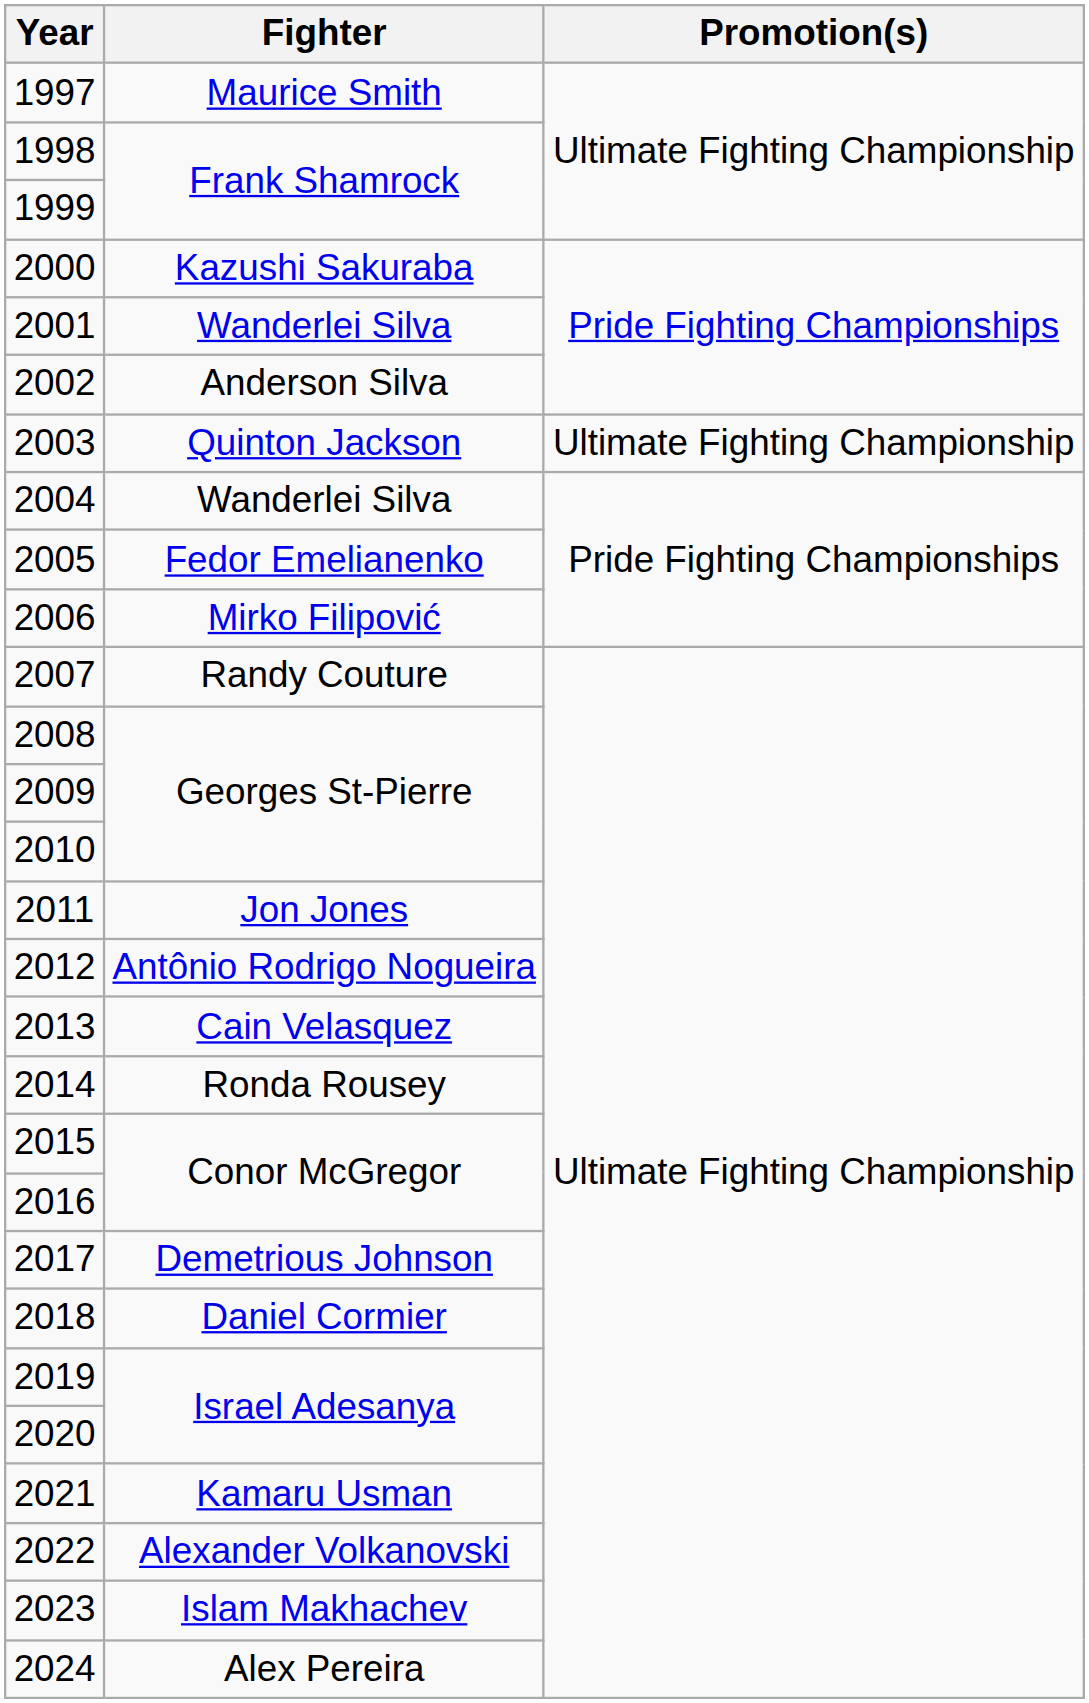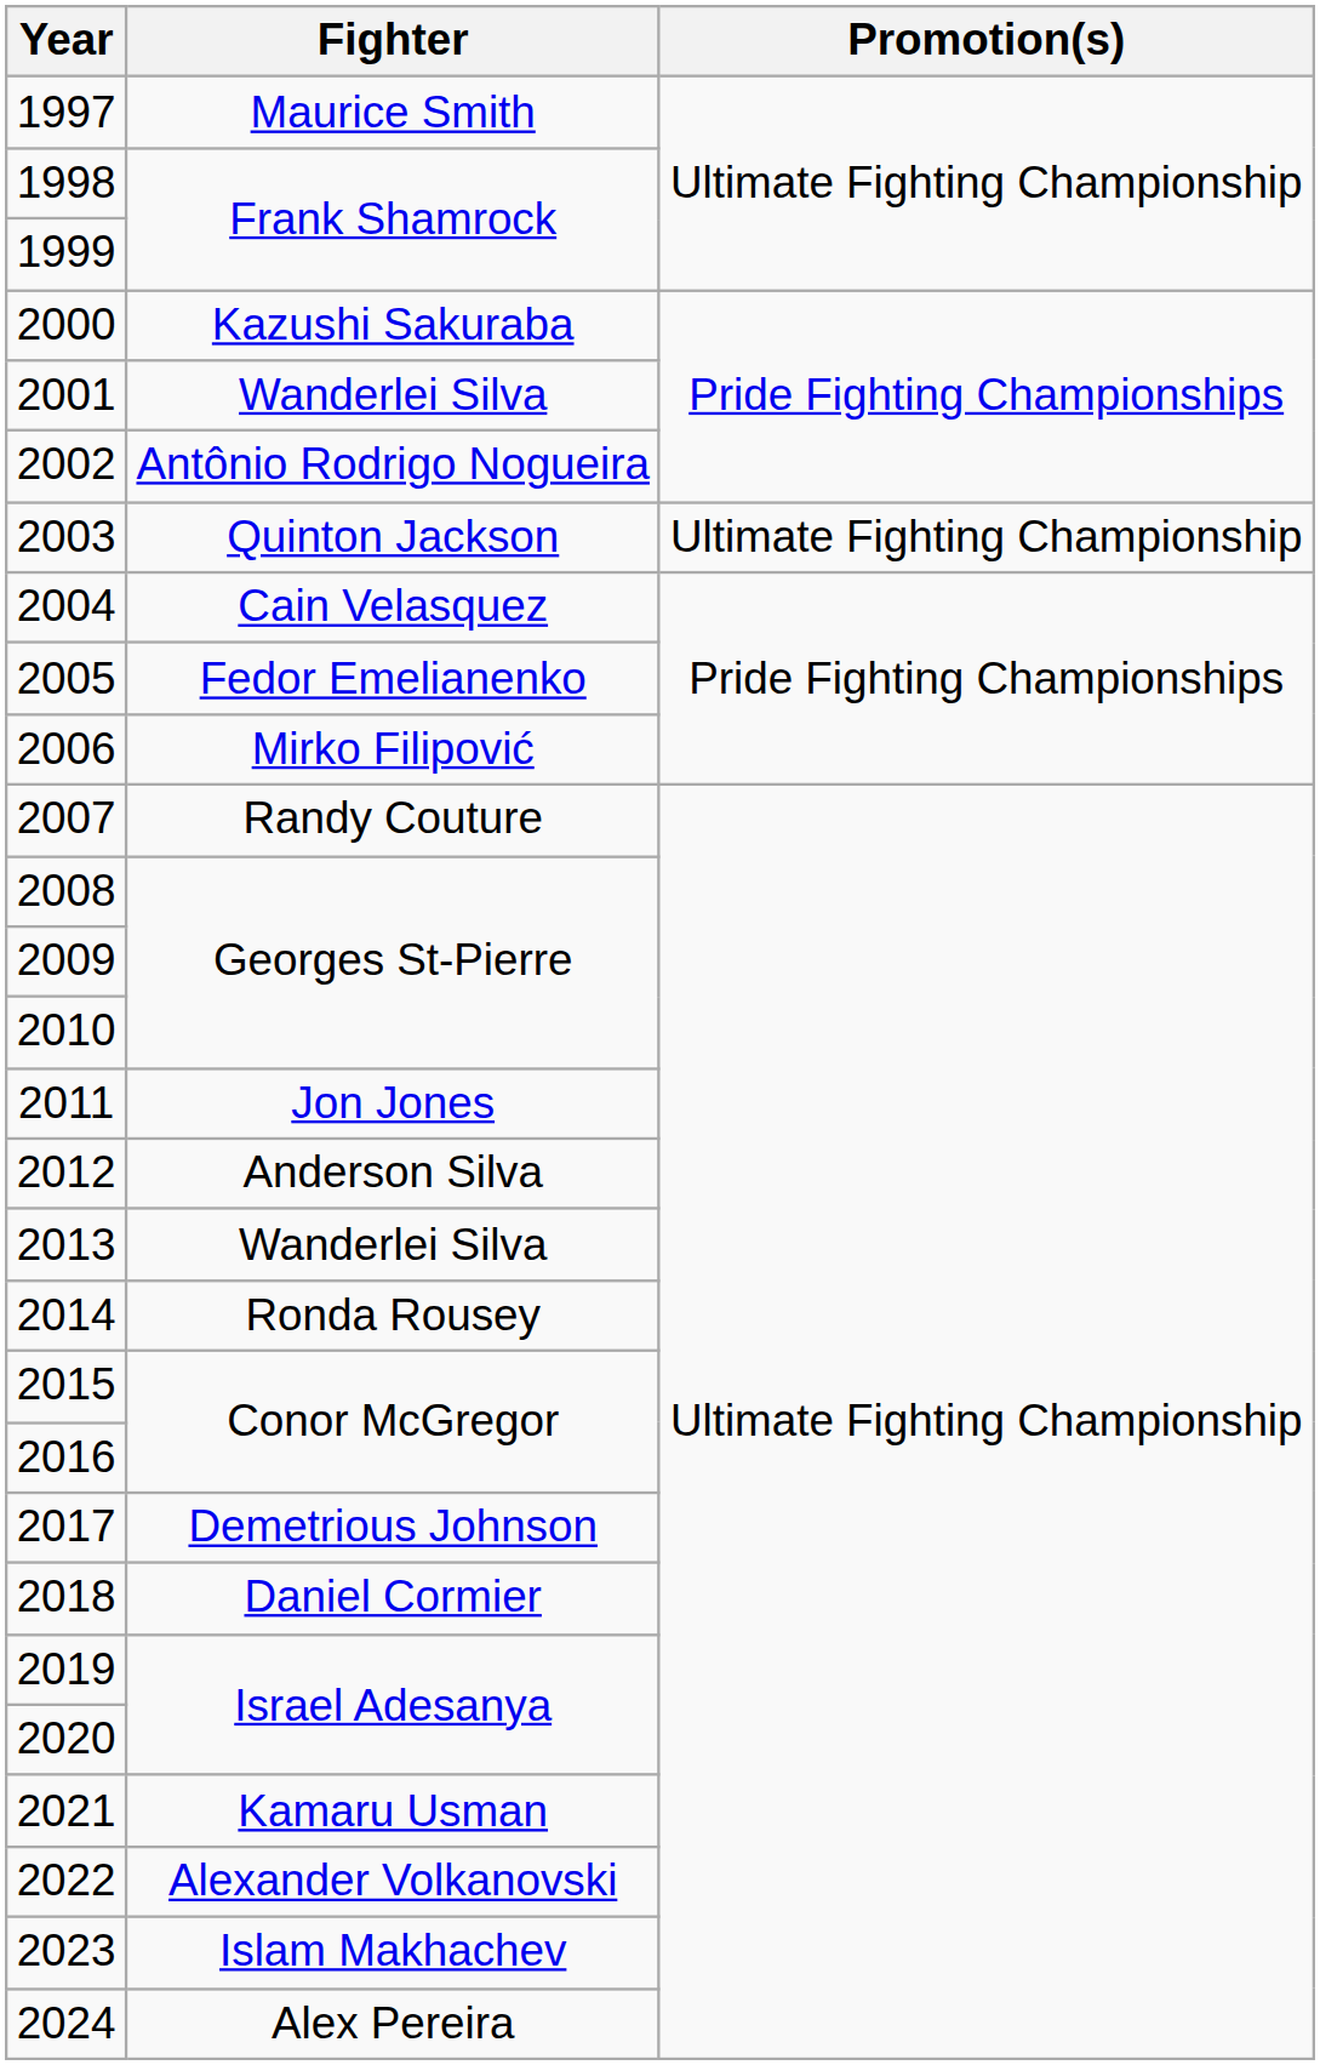 <table class="wikitable sortable" style="text-align: center">
 <tr>
 <th>Year</th>
 <th>Fighter</th>
 <th>Promotion(s)</th>
 </tr>
 <tr>
 <td>1997</td>
 <td><a href='#'>Maurice Smith</a></td>
 <td rowspan=3>Ultimate Fighting Championship</td>
 </tr>
 <tr>
 <td>1998</td>
 <td rowspan=2><a href='#'>Frank Shamrock</a></td>
 </tr>
 <tr>
 <td>1999</td>
 </tr>
 <tr>
 <td>2000</td>
 <td><a href='#'>Kazushi Sakuraba</a></td>
 <td rowspan=3><a href='#'>Pride Fighting Championships</a></td>
 </tr>
 <tr>
 <td>2001</td>
 <td><a href='#'>Wanderlei Silva</a></td>
 </tr>
 <tr>
 <td>2002</td>
-<td>Anderson Silva</td>
+<td><a href='#'>Antônio Rodrigo Nogueira</a></td>
 </tr>
 <tr>
 <td>2003</td>
 <td><a href='#'>Quinton Jackson</a></td>
 <td>Ultimate Fighting Championship</td>
 </tr>
 <tr>
 <td>2004</td>
-<td>Wanderlei Silva</td>
+<td><a href='#'>Cain Velasquez</a></td>
 <td rowspan=3>Pride Fighting Championships</td>
 </tr>
 <tr>
 <td>2005</td>
 <td><a href='#'>Fedor Emelianenko</a></td>
 </tr>
 <tr>
 <td>2006</td>
 <td><a href='#'>Mirko Filipović</a></td>
 </tr>
 <tr>
 <td>2007</td>
 <td>Randy Couture</td>
 <td rowspan="18">Ultimate Fighting Championship</td>
 </tr>
 <tr>
 <td>2008</td>
 <td rowspan=3>Georges St-Pierre</td>
 </tr>
 <tr>
 <td>2009</td>
 </tr>
 <tr>
 <td>2010</td>
 </tr>
 <tr>
 <td>2011</td>
 <td><a href='#'>Jon Jones</a></td>
 </tr>
 <tr>
 <td>2012</td>
-<td><a href='#'>Antônio Rodrigo Nogueira</a></td>
+<td>Anderson Silva</td>
 </tr>
 <tr>
 <td>2013</td>
-<td><a href='#'>Cain Velasquez</a></td>
+<td>Wanderlei Silva</td>
 </tr>
 <tr>
 <td>2014</td>
 <td>Ronda Rousey</td>
 </tr>
 <tr>
 <td>2015</td>
 <td rowspan=2>Conor McGregor</td>
 </tr>
 <tr>
 <td>2016</td>
 </tr>
 <tr>
 <td>2017</td>
 <td><a href='#'>Demetrious Johnson</a></td>
 </tr>
 <tr>
 <td>2018</td>
 <td><a href='#'>Daniel Cormier</a></td>
 </tr>
 <tr>
 <td>2019</td>
 <td rowspan=2><a href='#'>Israel Adesanya</a></td>
 </tr>
 <tr>
 <td>2020</td>
 </tr>
 <tr>
 <td>2021</td>
 <td><a href='#'>Kamaru Usman</a></td>
 </tr>
 <tr>
 <td>2022</td>
 <td><a href='#'>Alexander Volkanovski</a></td>
 </tr>
 <tr>
 <td>2023</td>
 <td><a href='#'>Islam Makhachev</a></td>
 </tr>
 <tr>
 <td>2024</td>
 <td>Alex Pereira</td>
 </tr>
 </table>
